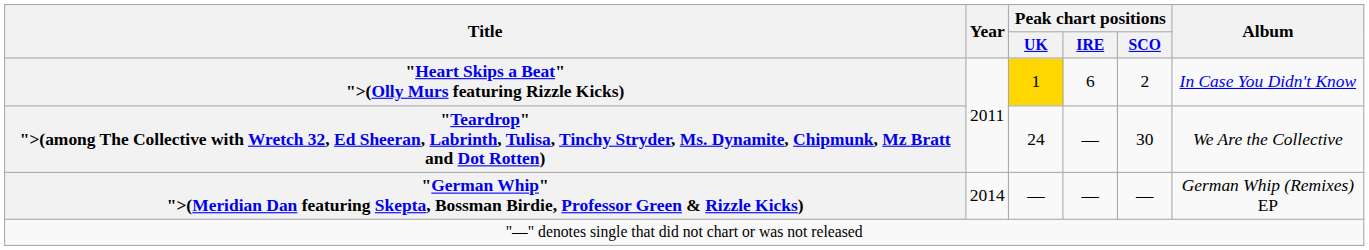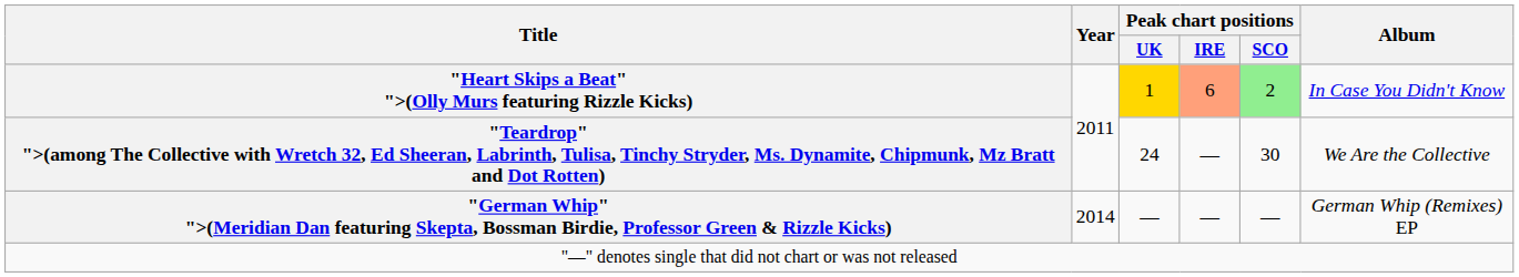 <table class="wikitable plainrowheaders" style="text-align:center;">
 <tr>
 <th scope="col" rowspan="2">Title</th>
 <th scope="col" rowspan="2">Year</th>
 <th scope="col" colspan="3">Peak chart positions</th>
 <th scope="col" rowspan="2">Album</th>
 </tr>
 <tr>
 <th scope="col" style="width:3em;font-size:90%;"><a href='#'>UK</a><br></th>
 <th scope="col" style="width:3em;font-size:90%;"><a href='#'>IRE</a><br></th>
 <th scope="col" style="width:3em;font-size:90%;"><a href='#'>SCO</a><br></th>
 </tr>
 <tr>
 <th scope="row">"<a href='#'>Heart Skips a Beat</a>"<br><span>">(<a href='#'>Olly Murs</a> featuring Rizzle Kicks)</span></th>
 <td rowspan="2">2011</td>
 <td style="background: gold;">1</td>
-<td>6</td>
-<td>2</td>
+<td style="background: lightsalmon;">6</td>
+<td style="background: lightgreen;">2</td>
 <td><em><a href='#'>In Case You Didn't Know</a></em></td>
 </tr>
 <tr>
 <th scope="row">"<a href='#'>Teardrop</a>"<br><span>">(among The Collective with <a href='#'>Wretch 32</a>, <a href='#'>Ed Sheeran</a>, <a href='#'>Labrinth</a>, <a href='#'>Tulisa</a>, <a href='#'>Tinchy Stryder</a>, <a href='#'>Ms. Dynamite</a>, <a href='#'>Chipmunk</a>, <a href='#'>Mz Bratt</a> and <a href='#'>Dot Rotten</a>)</span></th>
 <td>24</td>
 <td>—</td>
 <td>30</td>
 <td><em>We Are the Collective</em></td>
 </tr>
 <tr>
 <th scope="row">"<a href='#'>German Whip</a>" <br><span>">(<a href='#'>Meridian Dan</a> featuring <a href='#'>Skepta</a>, Bossman Birdie, <a href='#'>Professor Green</a> & <a href='#'>Rizzle Kicks</a>)</span></th>
 <td>2014</td>
 <td>—</td>
 <td>—</td>
 <td>—</td>
 <td><em>German Whip (Remixes)</em> EP</td>
 </tr>
 <tr>
 <td colspan="14" style="text-align:center; font-size:90%;">"—" denotes single that did not chart or was not released</td>
 </tr>
 </table>
